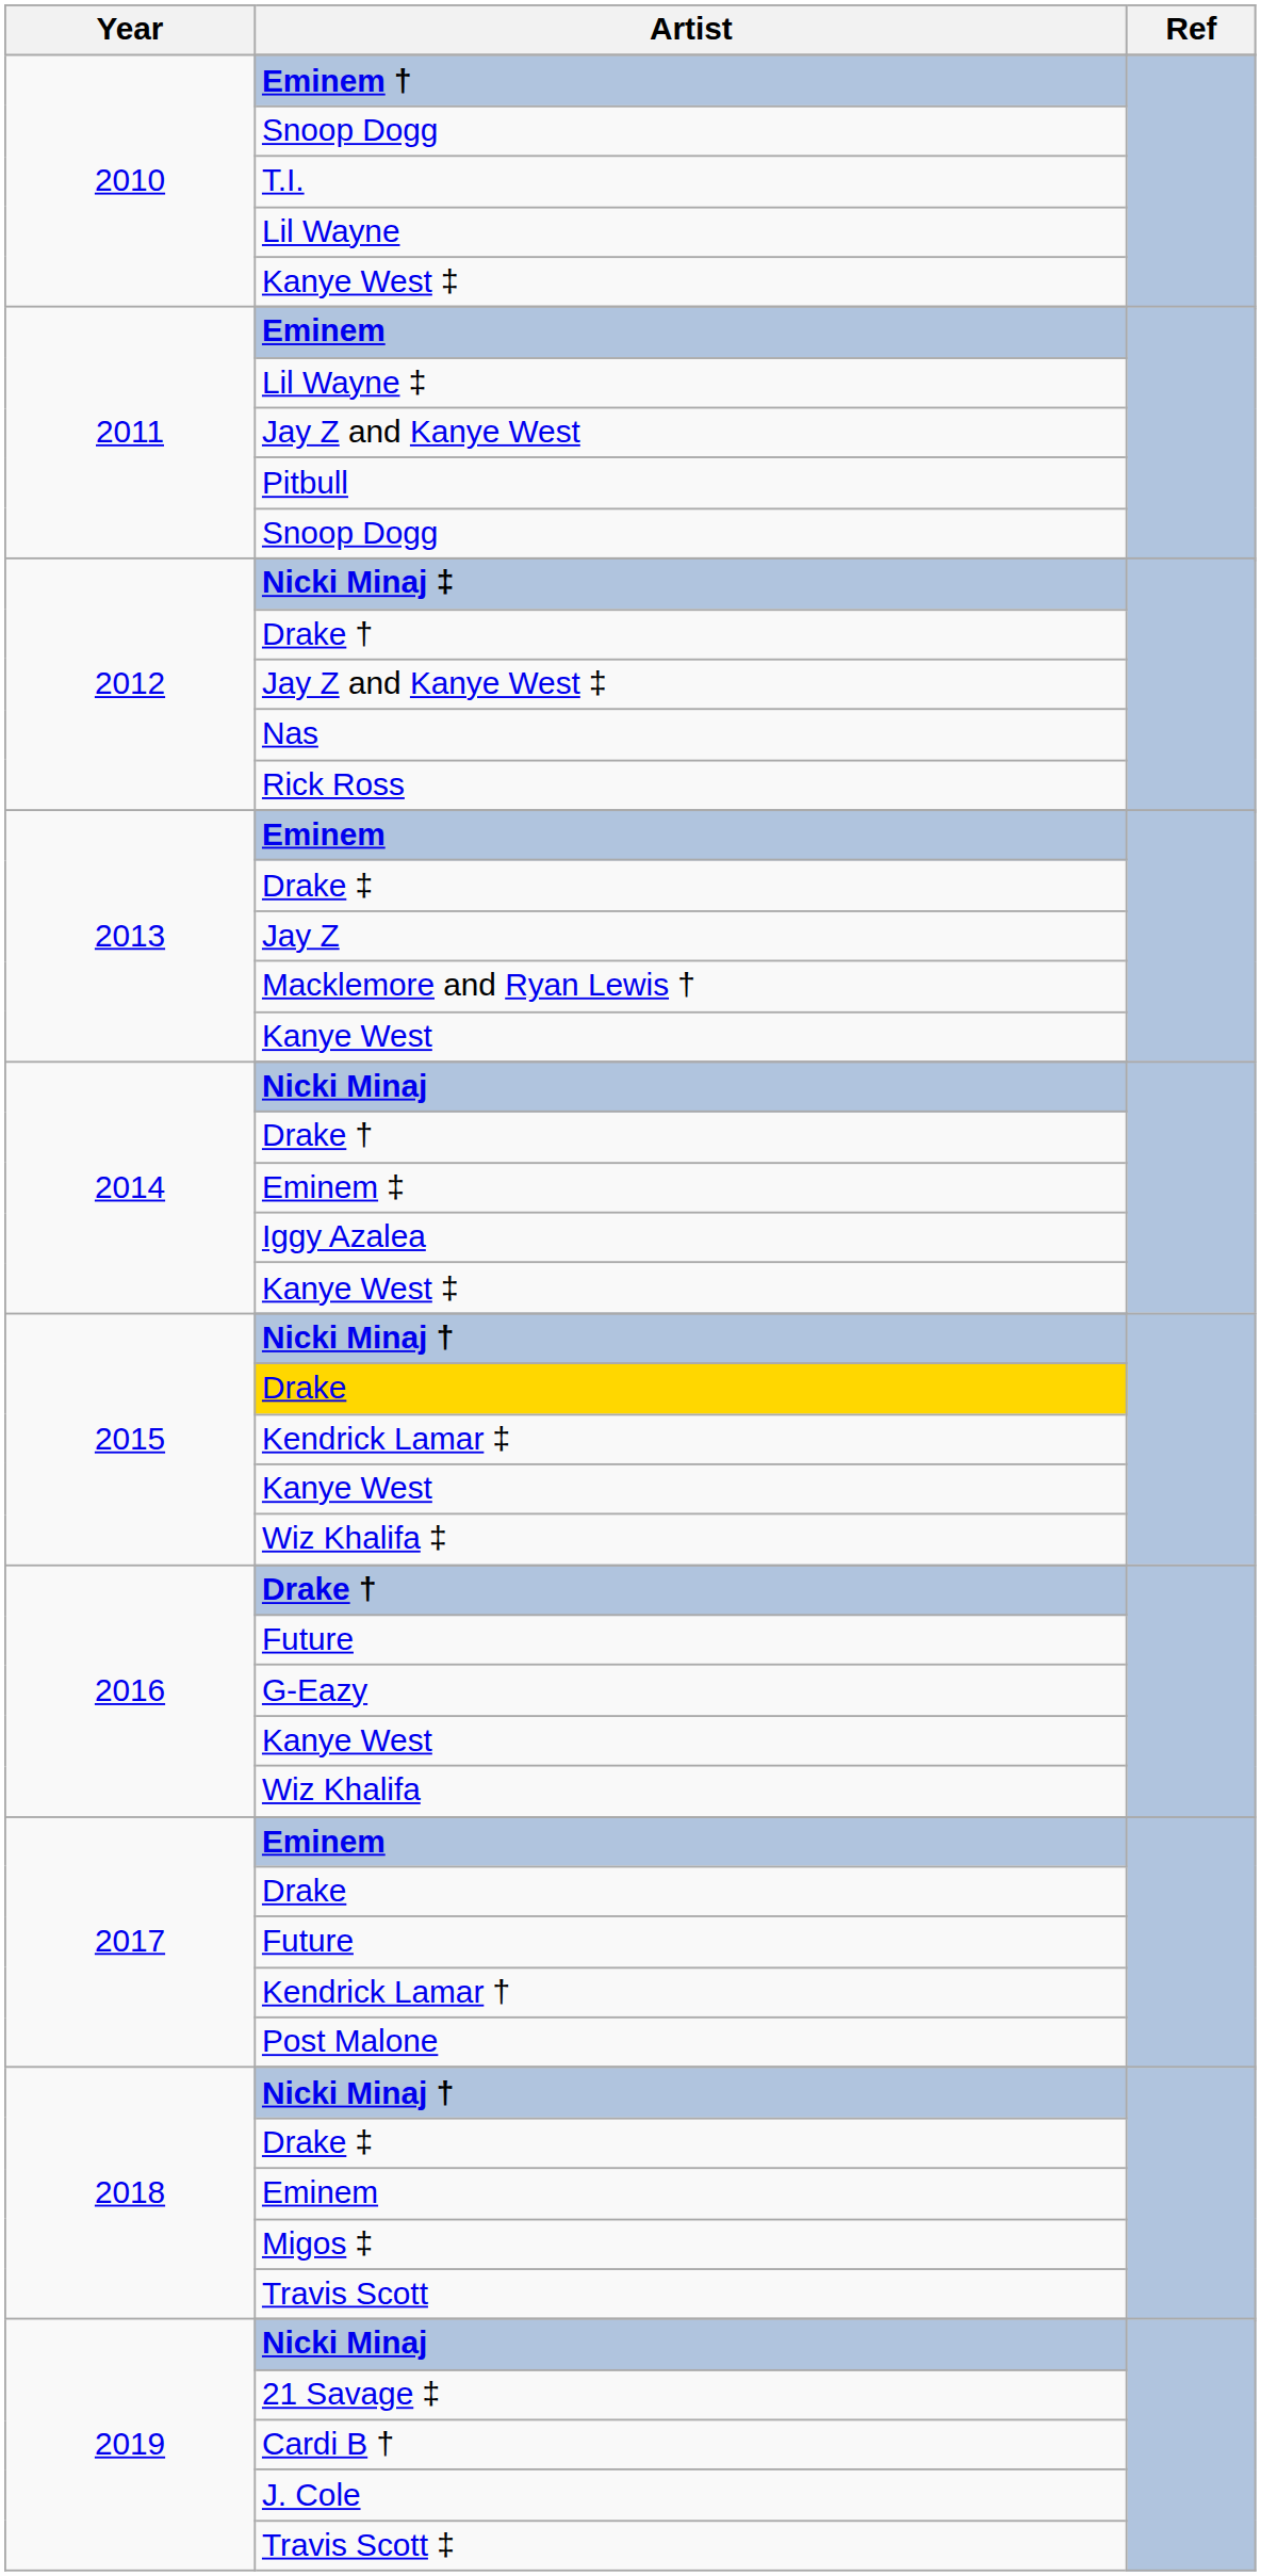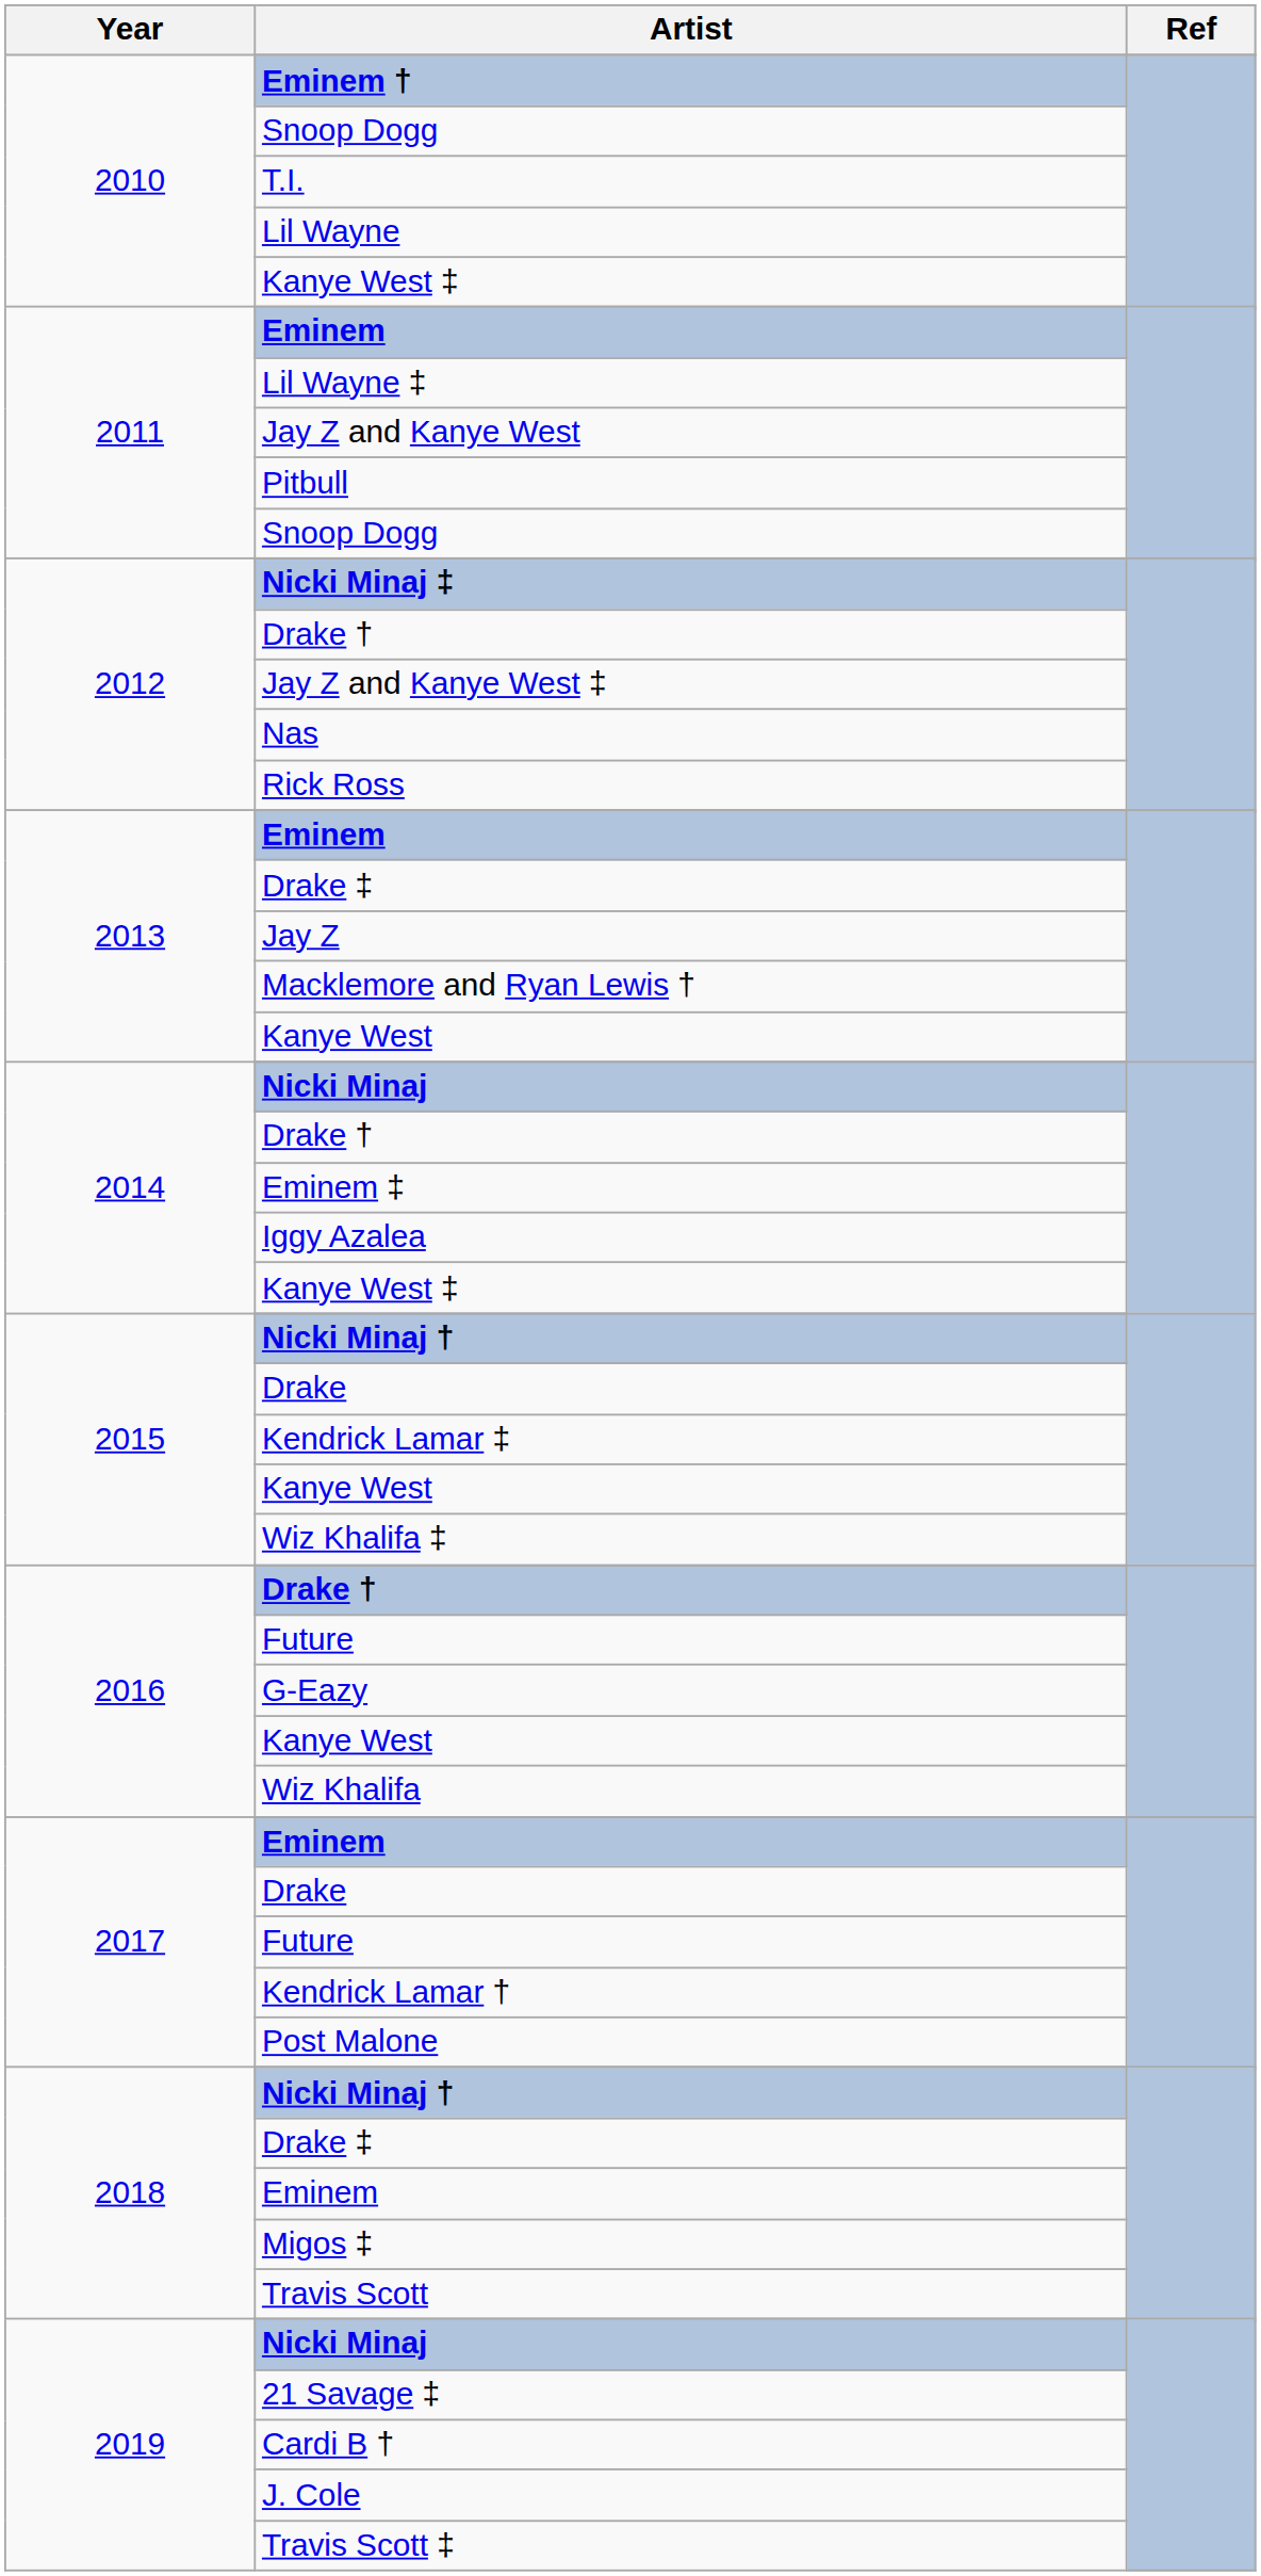 <table class="wikitable" style="width:50%;">
 <tr style="background:#bebebe;">
 <th style="width:10%;">Year</th>
 <th style="width:35%;">Artist</th>
 <th style="width:5%;">Ref</th>
 </tr>
 <tr>
 <td rowspan="6" align="center"><a href='#'>2010</a></td>
 </tr>
 <tr style="background:#B0C4DE">
 <td><strong><a href='#'>Eminem</a> †</strong></td>
 <td rowspan="6" align="center"></td>
 </tr>
 <tr>
 <td><a href='#'>Snoop Dogg</a></td>
 </tr>
 <tr>
 <td><a href='#'>T.I.</a></td>
 </tr>
 <tr>
 <td><a href='#'>Lil Wayne</a></td>
 </tr>
 <tr>
 <td><a href='#'>Kanye West</a> ‡</td>
 </tr>
 <tr>
 <td rowspan="6" align="center"><a href='#'>2011</a></td>
 </tr>
 <tr style="background:#B0C4DE">
 <td><strong><a href='#'>Eminem</a></strong></td>
 <td rowspan="6" align="center"></td>
 </tr>
 <tr>
 <td><a href='#'>Lil Wayne</a> ‡</td>
 </tr>
 <tr>
 <td><a href='#'>Jay Z</a> and <a href='#'>Kanye West</a></td>
 </tr>
 <tr>
 <td><a href='#'>Pitbull</a></td>
 </tr>
 <tr>
 <td><a href='#'>Snoop Dogg</a></td>
 </tr>
 <tr>
 <td rowspan="6" align="center"><a href='#'>2012</a></td>
 </tr>
 <tr style="background:#B0C4DE">
 <td><strong><a href='#'>Nicki Minaj</a> ‡</strong></td>
 <td rowspan="6" align="center"></td>
 </tr>
 <tr>
 <td><a href='#'>Drake</a> †</td>
 </tr>
 <tr>
 <td><a href='#'>Jay Z</a> and <a href='#'>Kanye West</a> ‡</td>
 </tr>
 <tr>
 <td><a href='#'>Nas</a></td>
 </tr>
 <tr>
 <td><a href='#'>Rick Ross</a></td>
 </tr>
 <tr>
 <td rowspan="6" align="center"><a href='#'>2013</a></td>
 </tr>
 <tr style="background:#B0C4DE">
 <td><strong><a href='#'>Eminem</a></strong></td>
 <td rowspan="6" align="center"></td>
 </tr>
 <tr>
 <td><a href='#'>Drake</a> ‡</td>
 </tr>
 <tr>
 <td><a href='#'>Jay Z</a></td>
 </tr>
 <tr>
 <td><a href='#'>Macklemore</a> and <a href='#'>Ryan Lewis</a> †</td>
 </tr>
 <tr>
 <td><a href='#'>Kanye West</a></td>
 </tr>
 <tr>
 <td rowspan="6" align="center"><a href='#'>2014</a></td>
 </tr>
 <tr style="background:#B0C4DE">
 <td><strong><a href='#'>Nicki Minaj</a></strong></td>
 <td rowspan="6" align="center"></td>
 </tr>
 <tr>
 <td><a href='#'>Drake</a> †</td>
 </tr>
 <tr>
 <td><a href='#'>Eminem</a> ‡</td>
 </tr>
 <tr>
 <td><a href='#'>Iggy Azalea</a></td>
 </tr>
 <tr>
 <td><a href='#'>Kanye West</a> ‡</td>
 </tr>
 <tr>
 <td rowspan="6" align="center"><a href='#'>2015</a></td>
 </tr>
 <tr style="background:#B0C4DE">
 <td><strong><a href='#'>Nicki Minaj</a> †</strong></td>
 <td rowspan="6" align="center"></td>
 </tr>
 <tr>
-<td style="background: gold;"><a href='#'>Drake</a></td>
+<td><a href='#'>Drake</a></td>
 </tr>
 <tr>
 <td><a href='#'>Kendrick Lamar</a> ‡</td>
 </tr>
 <tr>
 <td><a href='#'>Kanye West</a></td>
 </tr>
 <tr>
 <td><a href='#'>Wiz Khalifa</a> ‡</td>
 </tr>
 <tr>
 <td rowspan="6" align="center"><a href='#'>2016</a></td>
 </tr>
 <tr style="background:#B0C4DE">
 <td><strong><a href='#'>Drake</a> †</strong></td>
 <td rowspan="6" align="center"></td>
 </tr>
 <tr>
 <td><a href='#'>Future</a></td>
 </tr>
 <tr>
 <td><a href='#'>G-Eazy</a></td>
 </tr>
 <tr>
 <td><a href='#'>Kanye West</a></td>
 </tr>
 <tr>
 <td><a href='#'>Wiz Khalifa</a></td>
 </tr>
 <tr>
 <td rowspan="6" align="center"><a href='#'>2017</a></td>
 </tr>
 <tr style="background:#B0C4DE">
 <td><strong><a href='#'>Eminem</a></strong></td>
 <td rowspan="6" align="center"></td>
 </tr>
 <tr>
 <td><a href='#'>Drake</a></td>
 </tr>
 <tr>
 <td><a href='#'>Future</a></td>
 </tr>
 <tr>
 <td><a href='#'>Kendrick Lamar</a> †</td>
 </tr>
 <tr>
 <td><a href='#'>Post Malone</a></td>
 </tr>
 <tr>
 <td rowspan="6" align="center"><a href='#'>2018</a></td>
 </tr>
 <tr style="background:#B0C4DE">
 <td><strong><a href='#'>Nicki Minaj</a> †</strong></td>
 <td rowspan="6" align="center"></td>
 </tr>
 <tr>
 <td><a href='#'>Drake</a> ‡</td>
 </tr>
 <tr>
 <td><a href='#'>Eminem</a></td>
 </tr>
 <tr>
 <td><a href='#'>Migos</a> ‡</td>
 </tr>
 <tr>
 <td><a href='#'>Travis Scott</a></td>
 </tr>
 <tr>
 <td rowspan="6" align="center"><a href='#'>2019</a></td>
 </tr>
 <tr style="background:#B0C4DE">
 <td><strong><a href='#'>Nicki Minaj</a></strong></td>
 <td rowspan="6" align="center"></td>
 </tr>
 <tr>
 <td><a href='#'>21 Savage</a> ‡</td>
 </tr>
 <tr>
 <td><a href='#'>Cardi B</a> †</td>
 </tr>
 <tr>
 <td><a href='#'>J. Cole</a></td>
 </tr>
 <tr>
 <td><a href='#'>Travis Scott</a> ‡</td>
 </tr>
 </table>
